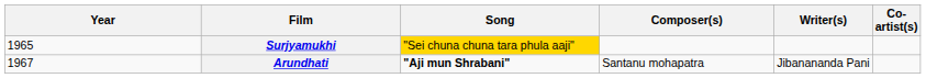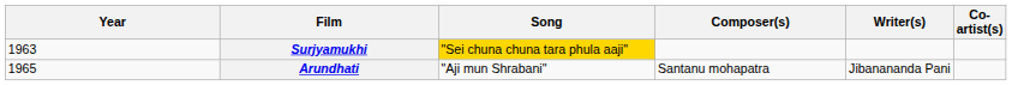 <table class="wikitable plainrowheaders" style="width:100%; textcolor:#000">
 <tr style="background:#b0e0e66;">
 <th scope="col" style="width:23%;"><strong>Year</strong></th>
 <th scope="col" style="width:23%;"><strong>Film</strong></th>
 <th scope="col" style="width:23%;"><strong>Song</strong></th>
 <th scope="col" style="width:20%;"><strong>Composer(s)</strong></th>
 <th scope="col" style="width:16%;"><strong>Writer(s)</strong></th>
 <th scope="col" style="width:18%;"><strong>Co-artist(s)</strong></th>
 </tr>
 <tr>
-<td>1965</td>
+<td>1963</td>
 <th><em><a href='#'>Surjyamukhi</a></em></th>
 <td style="background: gold;">"Sei chuna chuna tara phula aaji"</td>
 <td></td>
 <td></td>
 <td></td>
 </tr>
 <tr>
-<td>1967</td>
+<td>1965</td>
 <th><em><a href='#'>Arundhati</a></em></th>
-<td><strong>"Aji mun Shrabani"</strong></td>
+<td>"Aji mun Shrabani"</td>
 <td>Santanu mohapatra</td>
 <td>Jibanananda Pani</td>
 <td></td>
 </tr>
 </table>
